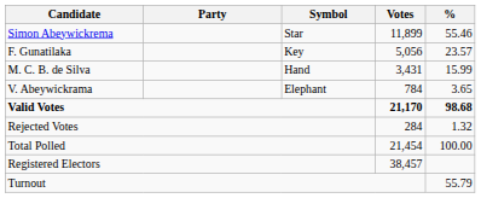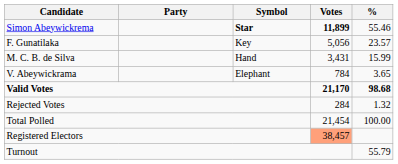 <table class="wikitable" border="1" style="text-align:right;">
 <tr>
 <th align=left width="180">Candidate</th>
 <th align=left width="180">Party</th>
 <th align=left width="120">Symbol</th>
 <th align=left width="60">Votes</th>
 <th align=left width="60">%</th>
 </tr>
 <tr>
 <td align=left><a href='#'>Simon Abeywickrema</a></td>
 <td></td>
-<td align=left>Star</td>
-<td align=right>11,899</td>
+<td align=left><strong>Star</strong></td>
+<td align=right><strong>11,899</strong></td>
 <td align=right>55.46</td>
 </tr>
 <tr>
 <td align=left>F. Gunatilaka</td>
 <td></td>
 <td align=left>Key</td>
 <td align=right>5,056</td>
 <td align=right>23.57</td>
 </tr>
 <tr>
 <td align=left>M. C. B. de Silva</td>
 <td></td>
 <td align=left>Hand</td>
 <td align=right>3,431</td>
 <td align=right>15.99</td>
 </tr>
 <tr>
 <td align=left>V. Abeywickrama</td>
 <td></td>
 <td align=left>Elephant</td>
 <td align=right>784</td>
 <td align=right>3.65</td>
 </tr>
 <tr>
 <td align=left colspan=3><strong>Valid Votes</strong></td>
 <td align=right><strong>21,170</strong></td>
 <td align=right><strong>98.68</strong></td>
 </tr>
 <tr>
 <td align=left colspan=3>Rejected Votes</td>
 <td align=right>284</td>
 <td align=right>1.32</td>
 </tr>
 <tr>
 <td align=left colspan=3>Total Polled</td>
 <td align=right>21,454</td>
 <td align=right>100.00</td>
 </tr>
 <tr>
 <td align=left colspan=3>Registered Electors</td>
-<td align=right>38,457</td>
+<td align=right style="background: lightsalmon;">38,457</td>
 <td></td>
 </tr>
 <tr>
 <td align=left colspan=4>Turnout</td>
 <td align=right>55.79</td>
 </tr>
 </table>
